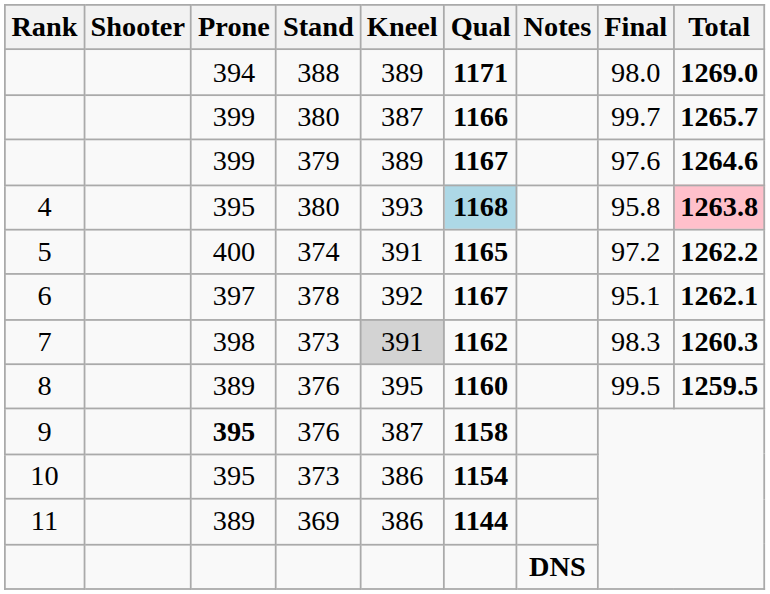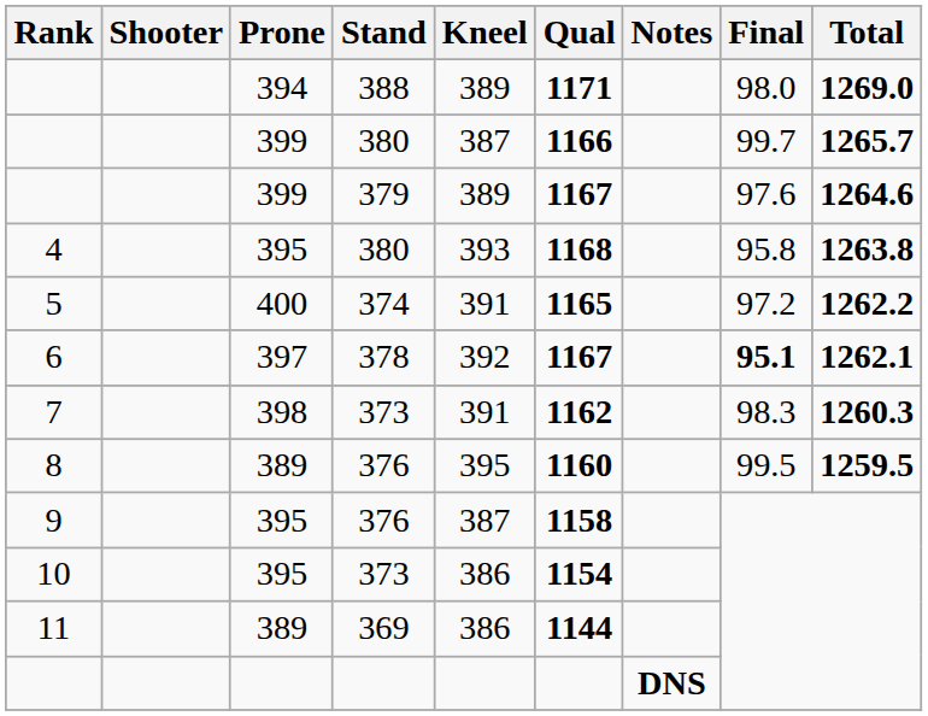 <table class="wikitable sortable" style="text-align: center">
 <tr>
 <th>Rank</th>
 <th>Shooter</th>
 <th>Prone</th>
 <th>Stand</th>
 <th>Kneel</th>
 <th>Qual</th>
 <th>Notes</th>
 <th>Final</th>
 <th>Total</th>
 </tr>
 <tr>
 <td></td>
 <td align=left></td>
 <td>394</td>
 <td>388</td>
 <td>389</td>
 <td><strong>1171</strong></td>
 <td></td>
 <td>98.0</td>
 <td><strong>1269.0</strong></td>
 </tr>
 <tr>
 <td></td>
 <td align=left></td>
 <td>399</td>
 <td>380</td>
 <td>387</td>
 <td><strong>1166</strong></td>
 <td></td>
 <td>99.7</td>
 <td><strong>1265.7</strong></td>
 </tr>
 <tr>
 <td></td>
 <td align=left></td>
 <td>399</td>
 <td>379</td>
 <td>389</td>
 <td><strong>1167</strong></td>
 <td></td>
 <td>97.6</td>
 <td><strong>1264.6</strong></td>
 </tr>
 <tr>
 <td>4</td>
 <td align=left></td>
 <td>395</td>
 <td>380</td>
 <td>393</td>
-<td style="background: lightblue;"><strong>1168</strong></td>
+<td><strong>1168</strong></td>
 <td></td>
 <td>95.8</td>
-<td style="background: pink;"><strong>1263.8</strong></td>
+<td><strong>1263.8</strong></td>
 </tr>
 <tr>
 <td>5</td>
 <td align=left></td>
 <td>400</td>
 <td>374</td>
 <td>391</td>
 <td><strong>1165</strong></td>
 <td></td>
 <td>97.2</td>
 <td><strong>1262.2</strong></td>
 </tr>
 <tr>
 <td>6</td>
 <td align=left></td>
 <td>397</td>
 <td>378</td>
 <td>392</td>
 <td><strong>1167</strong></td>
 <td></td>
-<td>95.1</td>
+<td><strong>95.1</strong></td>
 <td><strong>1262.1</strong></td>
 </tr>
 <tr>
 <td>7</td>
 <td align=left></td>
 <td>398</td>
 <td>373</td>
-<td style="background: lightgrey;">391</td>
+<td>391</td>
 <td><strong>1162</strong></td>
 <td></td>
 <td>98.3</td>
 <td><strong>1260.3</strong></td>
 </tr>
 <tr>
 <td>8</td>
 <td align=left></td>
 <td>389</td>
 <td>376</td>
 <td>395</td>
 <td><strong>1160</strong></td>
 <td></td>
 <td>99.5</td>
 <td><strong>1259.5</strong></td>
 </tr>
 <tr>
 <td>9</td>
 <td align=left></td>
-<td><strong>395</strong></td>
+<td>395</td>
 <td>376</td>
 <td>387</td>
 <td><strong>1158</strong></td>
 <td></td>
 </tr>
 <tr>
 <td>10</td>
 <td align=left></td>
 <td>395</td>
 <td>373</td>
 <td>386</td>
 <td><strong>1154</strong></td>
 <td></td>
 </tr>
 <tr>
 <td>11</td>
 <td align=left></td>
 <td>389</td>
 <td>369</td>
 <td>386</td>
 <td><strong>1144</strong></td>
 <td></td>
 </tr>
 <tr>
 <td></td>
 <td align=left></td>
 <td></td>
 <td></td>
 <td></td>
 <td></td>
 <td><strong>DNS</strong></td>
 </tr>
 </table>
